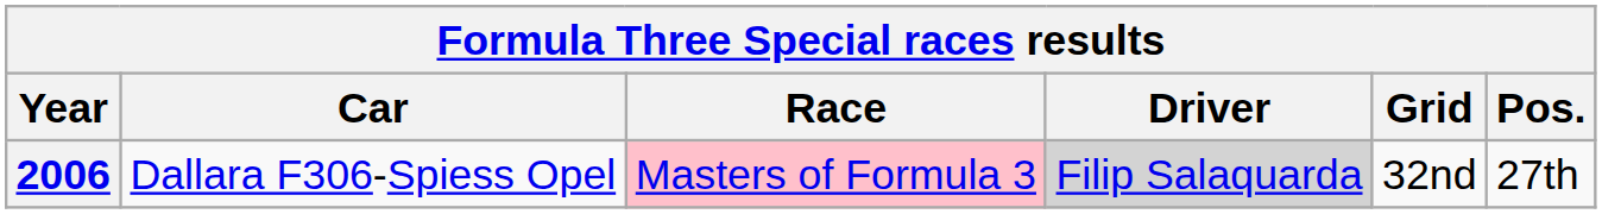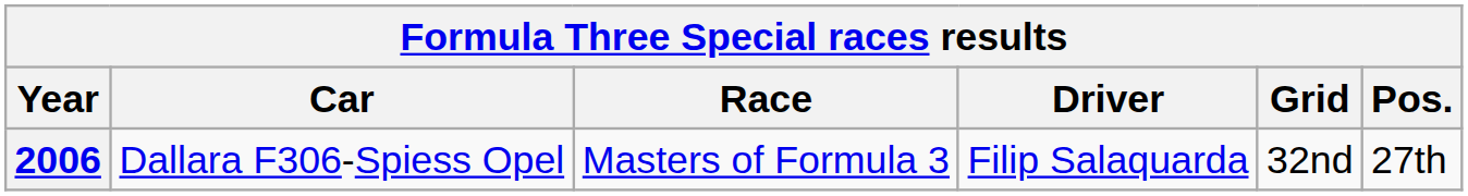 <table class="wikitable" style="font-size:95%">
 <tr>
 <th colspan="8"><a href='#'>Formula Three Special races</a> results</th>
 </tr>
 <tr>
 <th>Year</th>
 <th>Car</th>
 <th>Race</th>
 <th>Driver</th>
 <th>Grid</th>
 <th>Pos.</th>
 </tr>
 <tr>
 <th><a href='#'>2006</a></th>
 <td><a href='#'>Dallara F306</a>-<a href='#'>Spiess Opel</a></td>
-<td style="background: pink;"><a href='#'>Masters of Formula 3</a></td>
-<td style="background: lightgrey;"> <a href='#'>Filip Salaquarda</a></td>
+<td><a href='#'>Masters of Formula 3</a></td>
+<td> <a href='#'>Filip Salaquarda</a></td>
 <td>32nd</td>
 <td>27th</td>
 </tr>
 </table>
